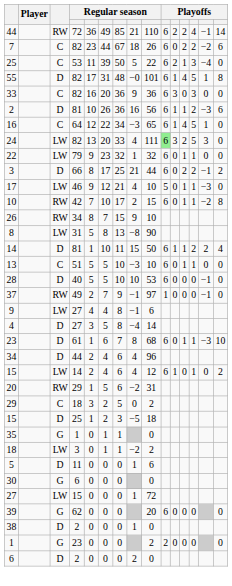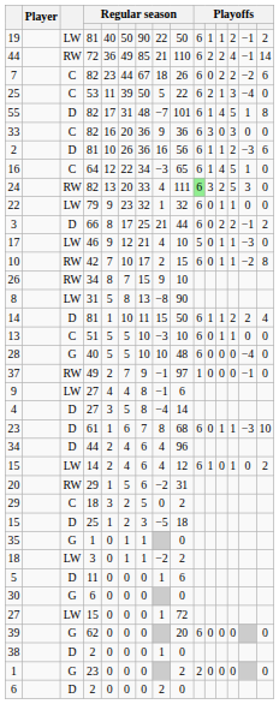 <table class="wikitable sortable plainrowheaders" style="text-align:center;">
 <tr>
 <th scope="col" data-sort-type="number" rowspan="2"></th>
 <th scope="col" rowspan="2">Player</th>
 <th scope="col" rowspan="2"></th>
 <th scope=colgroup colspan=6>Regular season</th>
 <th scope=colgroup colspan=6>Playoffs</th>
 </tr>
 <tr>
 <th scope="col" data-sort-type="number"></th>
 <th scope="col" data-sort-type="number"></th>
 <th scope="col" data-sort-type="number"></th>
 <th scope="col" data-sort-type="number"></th>
 <th scope="col" data-sort-type="number"></th>
 <th scope="col" data-sort-type="number"></th>
 <th scope="col" data-sort-type="number"></th>
 <th scope="col" data-sort-type="number"></th>
 <th scope="col" data-sort-type="number"></th>
 <th scope="col" data-sort-type="number"></th>
 <th scope="col" data-sort-type="number"></th>
 <th scope="col" data-sort-type="number"></th>
+</tr>
+<tr>
+<td scope="row">19</td>
+<td align="left"></td>
+<td>LW</td>
+<td>81</td>
+<td>40</td>
+<td>50</td>
+<td>90</td>
+<td>22</td>
+<td>50</td>
+<td>6</td>
+<td>1</td>
+<td>1</td>
+<td>2</td>
+<td>−1</td>
+<td>2</td>
 </tr>
 <tr>
 <td scope="row">44</td>
 <td align="left"></td>
 <td>RW</td>
 <td>72</td>
 <td>36</td>
 <td>49</td>
 <td>85</td>
 <td>21</td>
 <td>110</td>
 <td>6</td>
 <td>2</td>
 <td>2</td>
 <td>4</td>
 <td>−1</td>
 <td>14</td>
 </tr>
 <tr>
 <td scope="row">7</td>
 <td align="left"></td>
 <td>C</td>
 <td>82</td>
 <td>23</td>
 <td>44</td>
 <td>67</td>
 <td>18</td>
 <td>26</td>
 <td>6</td>
 <td>0</td>
 <td>2</td>
 <td>2</td>
 <td>−2</td>
 <td>6</td>
 </tr>
 <tr>
 <td scope="row">25</td>
 <td align="left"></td>
 <td>C</td>
 <td>53</td>
 <td>11</td>
 <td>39</td>
 <td>50</td>
 <td>5</td>
 <td>22</td>
 <td>6</td>
 <td>2</td>
 <td>1</td>
 <td>3</td>
 <td>−4</td>
 <td>0</td>
 </tr>
 <tr>
 <td scope="row">55</td>
 <td align="left"></td>
 <td>D</td>
 <td>82</td>
 <td>17</td>
 <td>31</td>
 <td>48</td>
-<td>−0</td>
+<td>−7</td>
 <td>101</td>
 <td>6</td>
 <td>1</td>
 <td>4</td>
 <td>5</td>
 <td>1</td>
 <td>8</td>
 </tr>
 <tr>
 <td scope="row">33</td>
 <td align="left"></td>
 <td>C</td>
 <td>82</td>
 <td>16</td>
 <td>20</td>
 <td>36</td>
 <td>9</td>
 <td>36</td>
 <td>6</td>
 <td>3</td>
 <td>0</td>
 <td>3</td>
 <td>0</td>
 <td>0</td>
 </tr>
 <tr>
 <td scope="row">2</td>
 <td align="left"></td>
 <td>D</td>
 <td>81</td>
 <td>10</td>
 <td>26</td>
 <td>36</td>
 <td>16</td>
 <td>56</td>
 <td>6</td>
 <td>1</td>
 <td>1</td>
 <td>2</td>
 <td>−3</td>
 <td>6</td>
 </tr>
 <tr>
 <td scope="row">16</td>
 <td align="left"></td>
 <td>C</td>
 <td>64</td>
 <td>12</td>
 <td>22</td>
 <td>34</td>
 <td>−3</td>
 <td>65</td>
 <td>6</td>
 <td>1</td>
 <td>4</td>
 <td>5</td>
 <td>1</td>
 <td>0</td>
 </tr>
 <tr>
 <td scope="row">24</td>
 <td align="left"></td>
-<td>LW</td>
+<td>RW</td>
 <td>82</td>
 <td>13</td>
 <td>20</td>
 <td>33</td>
 <td>4</td>
 <td>111</td>
 <td style="background: lightgreen;">6</td>
 <td>3</td>
 <td>2</td>
 <td>5</td>
 <td>3</td>
 <td>0</td>
 </tr>
 <tr>
 <td scope="row">22</td>
 <td align="left"></td>
 <td>LW</td>
 <td>79</td>
 <td>9</td>
 <td>23</td>
 <td>32</td>
 <td>1</td>
 <td>32</td>
 <td>6</td>
 <td>0</td>
 <td>1</td>
 <td>1</td>
 <td>0</td>
 <td>0</td>
 </tr>
 <tr>
 <td scope="row">3</td>
 <td align="left"></td>
 <td>D</td>
 <td>66</td>
 <td>8</td>
 <td>17</td>
 <td>25</td>
 <td>21</td>
 <td>44</td>
 <td>6</td>
 <td>0</td>
 <td>2</td>
 <td>2</td>
 <td>−1</td>
 <td>2</td>
 </tr>
 <tr>
 <td scope="row">17</td>
 <td align="left"></td>
 <td>LW</td>
 <td>46</td>
 <td>9</td>
 <td>12</td>
 <td>21</td>
 <td>4</td>
 <td>10</td>
 <td>5</td>
 <td>0</td>
 <td>1</td>
 <td>1</td>
 <td>−3</td>
 <td>0</td>
 </tr>
 <tr>
 <td scope="row">10</td>
 <td align="left"></td>
 <td>RW</td>
 <td>42</td>
 <td>7</td>
 <td>10</td>
 <td>17</td>
 <td>2</td>
 <td>15</td>
 <td>6</td>
 <td>0</td>
 <td>1</td>
 <td>1</td>
 <td>−2</td>
 <td>8</td>
 </tr>
 <tr>
 <td scope="row">26</td>
 <td align="left"></td>
 <td>RW</td>
 <td>34</td>
 <td>8</td>
 <td>7</td>
 <td>15</td>
 <td>9</td>
 <td>10</td>
 <td></td>
 <td></td>
 <td></td>
 <td></td>
 <td></td>
 <td></td>
 </tr>
 <tr>
 <td scope="row">8</td>
 <td align="left"></td>
 <td>LW</td>
 <td>31</td>
 <td>5</td>
 <td>8</td>
 <td>13</td>
 <td>−8</td>
 <td>90</td>
 <td></td>
 <td></td>
 <td></td>
 <td></td>
 <td></td>
 <td></td>
 </tr>
 <tr>
 <td scope="row">14</td>
 <td align="left"></td>
 <td>D</td>
 <td>81</td>
 <td>1</td>
 <td>10</td>
 <td>11</td>
 <td>15</td>
 <td>50</td>
 <td>6</td>
 <td>1</td>
 <td>1</td>
 <td>2</td>
 <td>2</td>
 <td>4</td>
 </tr>
 <tr>
 <td scope="row">13</td>
 <td align="left"></td>
 <td>C</td>
 <td>51</td>
 <td>5</td>
 <td>5</td>
 <td>10</td>
 <td>−3</td>
 <td>10</td>
 <td>6</td>
 <td>0</td>
 <td>1</td>
 <td>1</td>
 <td>0</td>
 <td>0</td>
 </tr>
 <tr>
 <td scope="row">28</td>
 <td align="left"></td>
-<td>D</td>
+<td>G</td>
 <td>40</td>
 <td>5</td>
 <td>5</td>
 <td>10</td>
 <td>10</td>
-<td>53</td>
+<td>48</td>
 <td>6</td>
 <td>0</td>
 <td>0</td>
 <td>0</td>
-<td>−1</td>
+<td>−4</td>
 <td>0</td>
 </tr>
 <tr>
 <td scope="row">37</td>
 <td align="left"></td>
 <td>RW</td>
 <td>49</td>
 <td>2</td>
 <td>7</td>
 <td>9</td>
 <td>−1</td>
 <td>97</td>
 <td>1</td>
 <td>0</td>
 <td>0</td>
 <td>0</td>
 <td>−1</td>
 <td>0</td>
 </tr>
 <tr>
 <td scope="row">9</td>
 <td align="left"></td>
 <td>LW</td>
 <td>27</td>
 <td>4</td>
 <td>4</td>
 <td>8</td>
 <td>−1</td>
 <td>6</td>
 <td></td>
 <td></td>
 <td></td>
 <td></td>
 <td></td>
 <td></td>
 </tr>
 <tr>
 <td scope="row">4</td>
 <td align="left"></td>
 <td>D</td>
 <td>27</td>
 <td>3</td>
 <td>5</td>
 <td>8</td>
 <td>−4</td>
 <td>14</td>
 <td></td>
 <td></td>
 <td></td>
 <td></td>
 <td></td>
 <td></td>
 </tr>
 <tr>
 <td scope="row">23</td>
 <td align="left"></td>
 <td>D</td>
 <td>61</td>
 <td>1</td>
 <td>6</td>
 <td>7</td>
 <td>8</td>
 <td>68</td>
 <td>6</td>
 <td>0</td>
 <td>1</td>
 <td>1</td>
 <td>−3</td>
 <td>10</td>
 </tr>
 <tr>
 <td scope="row">34</td>
 <td align="left"></td>
 <td>D</td>
 <td>44</td>
 <td>2</td>
 <td>4</td>
 <td>6</td>
 <td>4</td>
 <td>96</td>
 <td></td>
 <td></td>
 <td></td>
 <td></td>
 <td></td>
 <td></td>
 </tr>
 <tr>
 <td scope="row">15</td>
 <td align="left"></td>
 <td>LW</td>
 <td>14</td>
 <td>2</td>
 <td>4</td>
 <td>6</td>
 <td>4</td>
 <td>12</td>
 <td>6</td>
 <td>1</td>
 <td>0</td>
 <td>1</td>
 <td>0</td>
 <td>2</td>
 </tr>
 <tr>
 <td scope="row">20</td>
 <td align="left"></td>
 <td>RW</td>
 <td>29</td>
 <td>1</td>
 <td>5</td>
 <td>6</td>
 <td>−2</td>
 <td>31</td>
 <td></td>
 <td></td>
 <td></td>
 <td></td>
 <td></td>
 <td></td>
 </tr>
 <tr>
 <td scope="row">29</td>
 <td align="left"></td>
 <td>C</td>
 <td>18</td>
 <td>3</td>
 <td>2</td>
 <td>5</td>
 <td>0</td>
 <td>2</td>
 <td></td>
 <td></td>
 <td></td>
 <td></td>
 <td></td>
 <td></td>
 </tr>
 <tr>
 <td scope="row">15</td>
 <td align="left"></td>
 <td>D</td>
 <td>25</td>
 <td>1</td>
 <td>2</td>
 <td>3</td>
 <td>−5</td>
 <td>18</td>
 <td></td>
 <td></td>
 <td></td>
 <td></td>
 <td></td>
 <td></td>
 </tr>
 <tr>
 <td scope="row">35</td>
 <td align="left"></td>
 <td>G</td>
 <td>1</td>
 <td>0</td>
 <td>1</td>
 <td>1</td>
 <td style="background:#ccc"></td>
 <td>0</td>
 <td></td>
 <td></td>
 <td></td>
 <td></td>
 <td></td>
 <td></td>
 </tr>
 <tr>
 <td scope="row">18</td>
 <td align="left"></td>
 <td>LW</td>
 <td>3</td>
 <td>0</td>
 <td>1</td>
 <td>1</td>
 <td>−2</td>
 <td>2</td>
 <td></td>
 <td></td>
 <td></td>
 <td></td>
 <td></td>
 <td></td>
 </tr>
 <tr>
 <td scope="row">5</td>
 <td align="left"></td>
 <td>D</td>
 <td>11</td>
 <td>0</td>
 <td>0</td>
 <td>0</td>
 <td>1</td>
 <td>6</td>
 <td></td>
 <td></td>
 <td></td>
 <td></td>
 <td></td>
 <td></td>
 </tr>
 <tr>
 <td scope="row">30</td>
 <td align="left"></td>
 <td>G</td>
 <td>6</td>
 <td>0</td>
 <td>0</td>
 <td>0</td>
 <td style="background:#ccc"></td>
 <td>0</td>
 <td></td>
 <td></td>
 <td></td>
 <td></td>
 <td></td>
 <td></td>
 </tr>
 <tr>
 <td scope="row">27</td>
 <td align="left"></td>
 <td>LW</td>
 <td>15</td>
 <td>0</td>
 <td>0</td>
 <td>0</td>
 <td>1</td>
 <td>72</td>
 <td></td>
 <td></td>
 <td></td>
 <td></td>
 <td></td>
 <td></td>
 </tr>
 <tr>
 <td scope="row">39</td>
 <td align="left"></td>
 <td>G</td>
 <td>62</td>
 <td>0</td>
 <td>0</td>
 <td>0</td>
 <td style="background:#ccc"></td>
 <td>20</td>
 <td>6</td>
 <td>0</td>
 <td>0</td>
 <td>0</td>
 <td style="background:#ccc"></td>
 <td>0</td>
 </tr>
 <tr>
 <td scope="row">38</td>
 <td align="left"></td>
 <td>D</td>
 <td>2</td>
 <td>0</td>
 <td>0</td>
 <td>0</td>
 <td>1</td>
 <td>0</td>
 <td></td>
 <td></td>
 <td></td>
 <td></td>
 <td></td>
 <td></td>
 </tr>
 <tr>
 <td scope="row">1</td>
 <td align="left"></td>
 <td>G</td>
 <td>23</td>
 <td>0</td>
 <td>0</td>
 <td>0</td>
 <td style="background:#ccc"></td>
 <td>2</td>
 <td>2</td>
 <td>0</td>
 <td>0</td>
 <td>0</td>
 <td style="background:#ccc"></td>
 <td>0</td>
 </tr>
 <tr>
 <td scope="row">6</td>
 <td align="left"></td>
 <td>D</td>
 <td>2</td>
 <td>0</td>
 <td>0</td>
 <td>0</td>
 <td>2</td>
 <td>0</td>
 <td></td>
 <td></td>
 <td></td>
 <td></td>
 <td></td>
 <td></td>
 </tr>
 </table>
